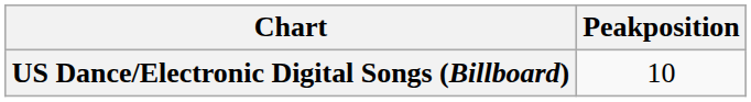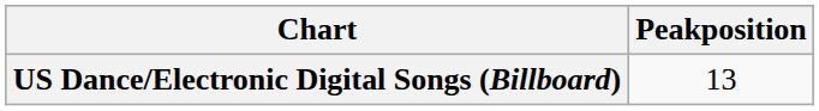 <table class="wikitable plainrowheaders" style="text-align:center;">
 <tr>
 <th>Chart</th>
 <th>Peakposition</th>
 </tr>
 <tr>
 <th scope="row">US Dance/Electronic Digital Songs (<em>Billboard</em>)</th>
-<td>10</td>
+<td>13</td>
 </tr>
 </table>
